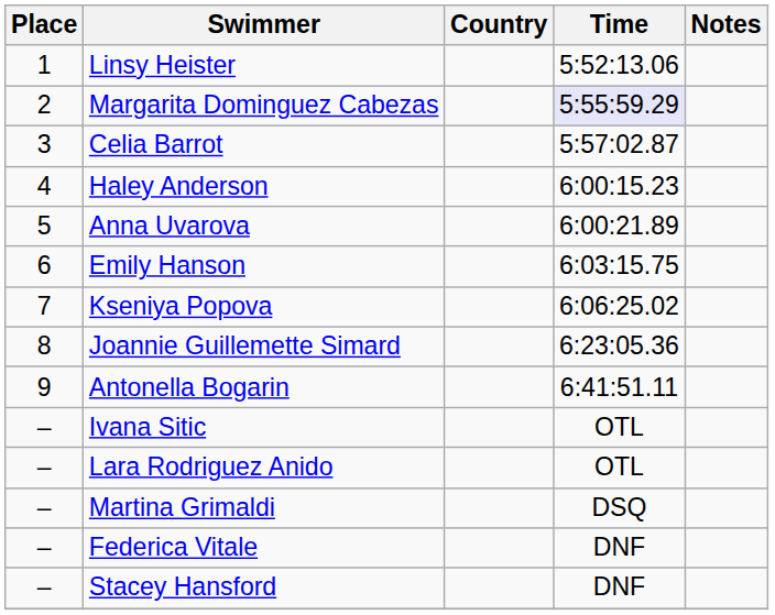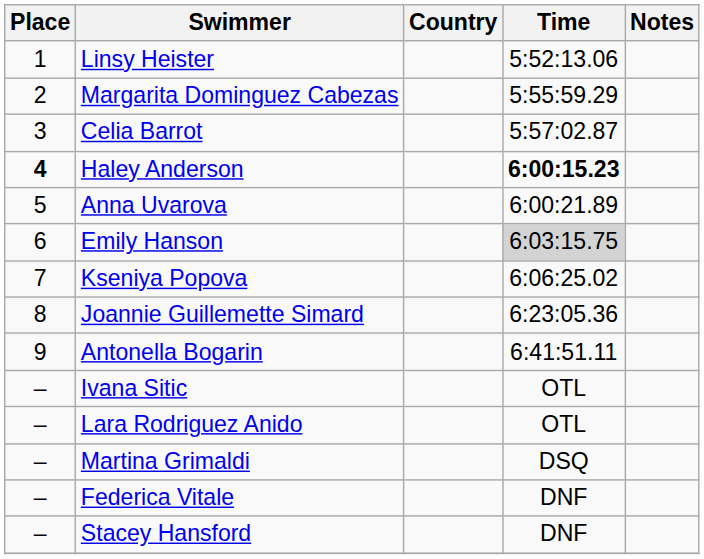 <table class="wikitable" style="text-align:center">
 <tr>
 <th>Place</th>
 <th>Swimmer</th>
 <th>Country</th>
 <th>Time</th>
 <th>Notes</th>
 </tr>
 <tr>
 <td>1</td>
 <td align=left><a href='#'>Linsy Heister</a></td>
 <td align=left></td>
 <td>5:52:13.06</td>
 <td></td>
 </tr>
 <tr>
 <td>2</td>
 <td align=left><a href='#'>Margarita Dominguez Cabezas</a></td>
 <td align=left></td>
-<td style="background: lavender;">5:55:59.29</td>
+<td>5:55:59.29</td>
 <td></td>
 </tr>
 <tr>
 <td>3</td>
 <td align=left><a href='#'>Celia Barrot</a></td>
 <td align=left></td>
 <td>5:57:02.87</td>
 <td></td>
 </tr>
 <tr>
-<td>4</td>
+<td><strong>4</strong></td>
 <td align=left><a href='#'>Haley Anderson</a></td>
 <td align=left></td>
-<td>6:00:15.23</td>
+<td><strong>6:00:15.23</strong></td>
 <td></td>
 </tr>
 <tr>
 <td>5</td>
 <td align=left><a href='#'>Anna Uvarova</a></td>
 <td align=left></td>
 <td>6:00:21.89</td>
 <td></td>
 </tr>
 <tr>
 <td>6</td>
 <td align=left><a href='#'>Emily Hanson</a></td>
 <td align=left></td>
-<td>6:03:15.75</td>
+<td style="background: lightgrey;">6:03:15.75</td>
 <td></td>
 </tr>
 <tr>
 <td>7</td>
 <td align=left><a href='#'>Kseniya Popova</a></td>
 <td align=left></td>
 <td>6:06:25.02</td>
 <td></td>
 </tr>
 <tr>
 <td>8</td>
 <td align=left><a href='#'>Joannie Guillemette Simard</a></td>
 <td align=left></td>
 <td>6:23:05.36</td>
 <td></td>
 </tr>
 <tr>
 <td>9</td>
 <td align=left><a href='#'>Antonella Bogarin</a></td>
 <td align=left></td>
 <td>6:41:51.11</td>
 <td></td>
 </tr>
 <tr>
 <td>–</td>
 <td align=left><a href='#'>Ivana Sitic</a></td>
 <td align=left></td>
 <td>OTL</td>
 <td></td>
 </tr>
 <tr>
 <td>–</td>
 <td align=left><a href='#'>Lara Rodriguez Anido</a></td>
 <td align=left></td>
 <td>OTL</td>
 <td></td>
 </tr>
 <tr>
 <td>–</td>
 <td align=left><a href='#'>Martina Grimaldi</a></td>
 <td align=left></td>
 <td>DSQ</td>
 <td></td>
 </tr>
 <tr>
 <td>–</td>
 <td align=left><a href='#'>Federica Vitale</a></td>
 <td align=left></td>
 <td>DNF</td>
 <td></td>
 </tr>
 <tr>
 <td>–</td>
 <td align=left><a href='#'>Stacey Hansford</a></td>
 <td align=left></td>
 <td>DNF</td>
 <td></td>
 </tr>
 <tr>
 </tr>
 </table>
